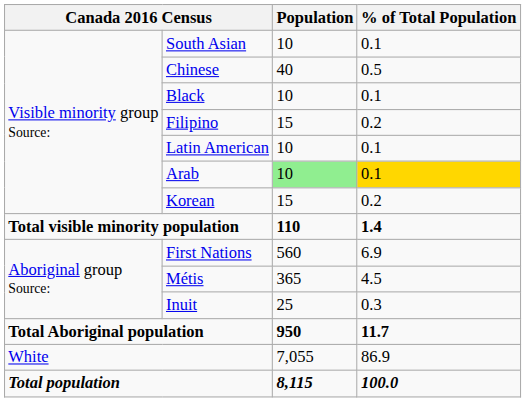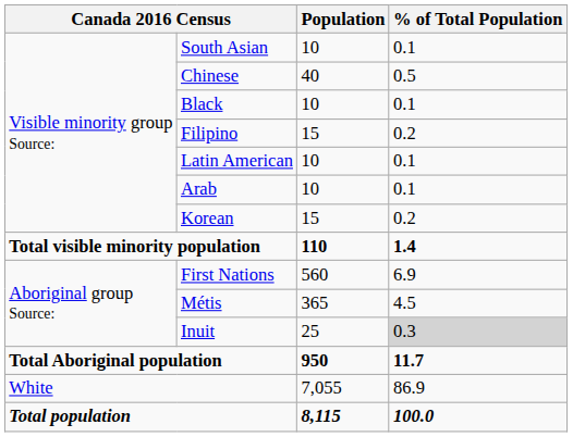 <table class="wikitable">
 <tr>
 <th colspan="2">Canada 2016 Census</th>
 <th>Population</th>
 <th>% of Total Population</th>
 </tr>
 <tr>
 <td rowspan="7"><a href='#'>Visible minority</a> group<br><small>Source:</small></td>
 <td><a href='#'>South Asian</a></td>
 <td>10</td>
 <td>0.1</td>
 </tr>
 <tr>
 <td><a href='#'>Chinese</a></td>
 <td>40</td>
 <td>0.5</td>
 </tr>
 <tr>
 <td><a href='#'>Black</a></td>
 <td>10</td>
 <td>0.1</td>
 </tr>
 <tr>
 <td><a href='#'>Filipino</a></td>
 <td>15</td>
 <td>0.2</td>
 </tr>
 <tr>
 <td><a href='#'>Latin American</a></td>
 <td>10</td>
 <td>0.1</td>
 </tr>
 <tr>
 <td><a href='#'>Arab</a></td>
-<td style="background: lightgreen;">10</td>
-<td style="background: gold;">0.1</td>
+<td>10</td>
+<td>0.1</td>
 </tr>
 <tr>
 <td><a href='#'>Korean</a></td>
 <td>15</td>
 <td>0.2</td>
 </tr>
 <tr>
 <td colspan="2"><strong>Total visible minority population</strong></td>
 <td><strong>110</strong></td>
 <td><strong>1.4</strong></td>
 </tr>
 <tr>
 <td rowspan="3"><a href='#'>Aboriginal</a> group<br><small>Source:</small></td>
 <td><a href='#'>First Nations</a></td>
 <td>560</td>
 <td>6.9</td>
 </tr>
 <tr>
 <td><a href='#'>Métis</a></td>
 <td>365</td>
 <td>4.5</td>
 </tr>
 <tr>
 <td><a href='#'>Inuit</a></td>
 <td>25</td>
-<td>0.3</td>
+<td style="background: lightgrey;">0.3</td>
 </tr>
 <tr>
 <td colspan="2"><strong>Total Aboriginal population</strong></td>
 <td><strong>950</strong></td>
 <td><strong>11.7</strong></td>
 </tr>
 <tr>
 <td colspan="2"><a href='#'>White</a></td>
 <td>7,055</td>
 <td>86.9</td>
 </tr>
 <tr>
 <td colspan="2"><strong><em>Total population</em></strong></td>
 <td><strong><em>8,115</em></strong></td>
 <td><strong><em>100.0</em></strong></td>
 </tr>
 </table>
